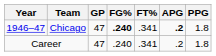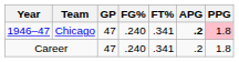 <table class="wikitable sortable" style="font-size:95%; text-align:right;">
 <tr>
 <th>Year</th>
 <th>Team</th>
 <th>GP</th>
 <th>FG%</th>
 <th>FT%</th>
 <th>APG</th>
 <th>PPG</th>
 </tr>
 <tr>
 <td style="text-align:left;"><a href='#'>1946–47</a></td>
 <td style="text-align:left;"><a href='#'>Chicago</a></td>
 <td>47</td>
-<td><strong>.240</strong></td>
+<td>.240</td>
 <td>.341</td>
 <td><strong>.2</strong></td>
-<td>1.8</td>
+<td style="background: pink;">1.8</td>
 </tr>
 <tr>
 <td style="text-align:center;" colspan="2">Career</td>
 <td>47</td>
 <td>.240</td>
 <td>.341</td>
 <td>.2</td>
 <td>1.8</td>
 </tr>
 </table>
